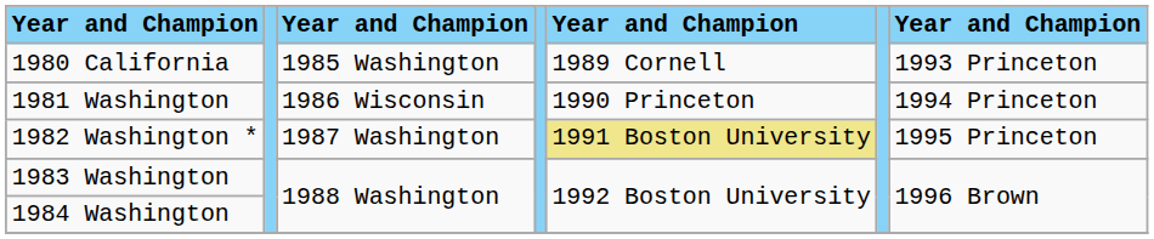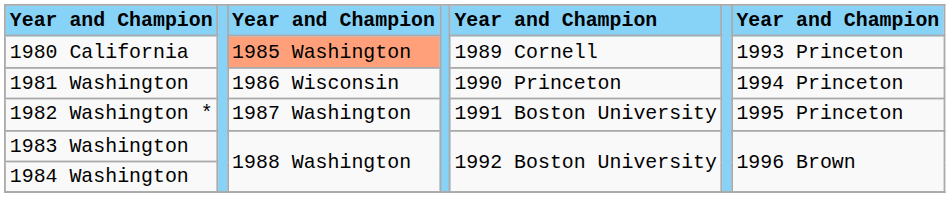 <table class="wikitable" style="font-size:85%;">
 <tr ! style="background-color: #87D3F8;">
 <td><strong>Year and Champion</strong></td>
 <td rowspan=6></td>
 <td><strong>Year and Champion</strong></td>
 <td rowspan=6></td>
 <td><strong>Year and Champion</strong></td>
 <td rowspan=6></td>
 <td><strong>Year and Champion</strong></td>
 </tr>
 <tr --->
 <td>1980 California</td>
-<td>1985 Washington</td>
+<td style="background: lightsalmon;">1985 Washington</td>
 <td>1989 Cornell</td>
 <td>1993 Princeton</td>
 </tr>
 <tr --->
 <td>1981 Washington</td>
 <td>1986 Wisconsin</td>
 <td>1990 Princeton</td>
 <td>1994 Princeton</td>
 </tr>
 <tr --->
 <td>1982 Washington *</td>
 <td>1987 Washington</td>
-<td style="background: khaki;">1991 Boston University</td>
+<td>1991 Boston University</td>
 <td>1995 Princeton</td>
 </tr>
 <tr --->
 <td>1983 Washington</td>
 <td rowspan=2>1988 Washington</td>
 <td rowspan=2>1992 Boston University</td>
 <td rowspan=2>1996 Brown</td>
 </tr>
 <tr --->
 <td>1984 Washington</td>
 </tr>
 <tr --->
 </tr>
 </table>
